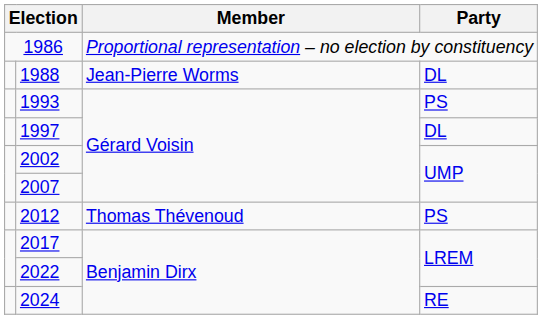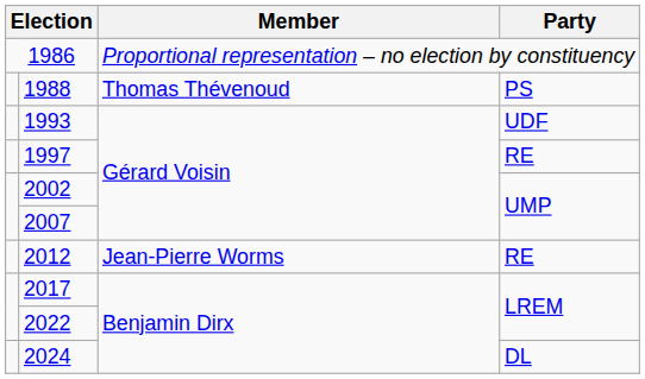 <table class="wikitable">
 <tr>
 <th colspan="2">Election</th>
 <th>Member</th>
 <th>Party</th>
 </tr>
 <tr>
 <td colspan="2" align="center"><a href='#'>1986</a></td>
 <td colspan="2"><em><a href='#'>Proportional representation</a> – no election by constituency</em></td>
 </tr>
 <tr>
 <td style="background-color: "></td>
 <td><a href='#'>1988</a></td>
-<td><a href='#'>Jean-Pierre Worms</a></td>
-<td><a href='#'>DL</a></td>
+<td><a href='#'>Thomas Thévenoud</a></td>
+<td><a href='#'>PS</a></td>
 </tr>
 <tr>
 <td style="background-color: "></td>
 <td><a href='#'>1993</a></td>
 <td rowspan="4"><a href='#'>Gérard Voisin</a></td>
-<td><a href='#'>PS</a></td>
+<td><a href='#'>UDF</a></td>
 </tr>
 <tr>
 <td style="background-color: "></td>
 <td><a href='#'>1997</a></td>
-<td><a href='#'>DL</a></td>
+<td><a href='#'>RE</a></td>
 </tr>
 <tr>
 <td rowspan="2" style="background-color: "></td>
 <td><a href='#'>2002</a></td>
 <td rowspan="2"><a href='#'>UMP</a></td>
 </tr>
 <tr>
 <td><a href='#'>2007</a></td>
 </tr>
 <tr>
 <td style="background-color: "></td>
 <td><a href='#'>2012</a></td>
-<td><a href='#'>Thomas Thévenoud</a></td>
-<td><a href='#'>PS</a></td>
+<td><a href='#'>Jean-Pierre Worms</a></td>
+<td><a href='#'>RE</a></td>
 </tr>
 <tr>
 <td rowspan="2" style="background-color: "></td>
 <td><a href='#'>2017</a></td>
 <td rowspan="3"><a href='#'>Benjamin Dirx</a></td>
 <td rowspan="2"><a href='#'>LREM</a></td>
 </tr>
 <tr>
 <td><a href='#'>2022</a></td>
 </tr>
 <tr>
 <td style="background-color: "></td>
 <td><a href='#'>2024</a></td>
-<td><a href='#'>RE</a></td>
+<td><a href='#'>DL</a></td>
 </tr>
 </table>
